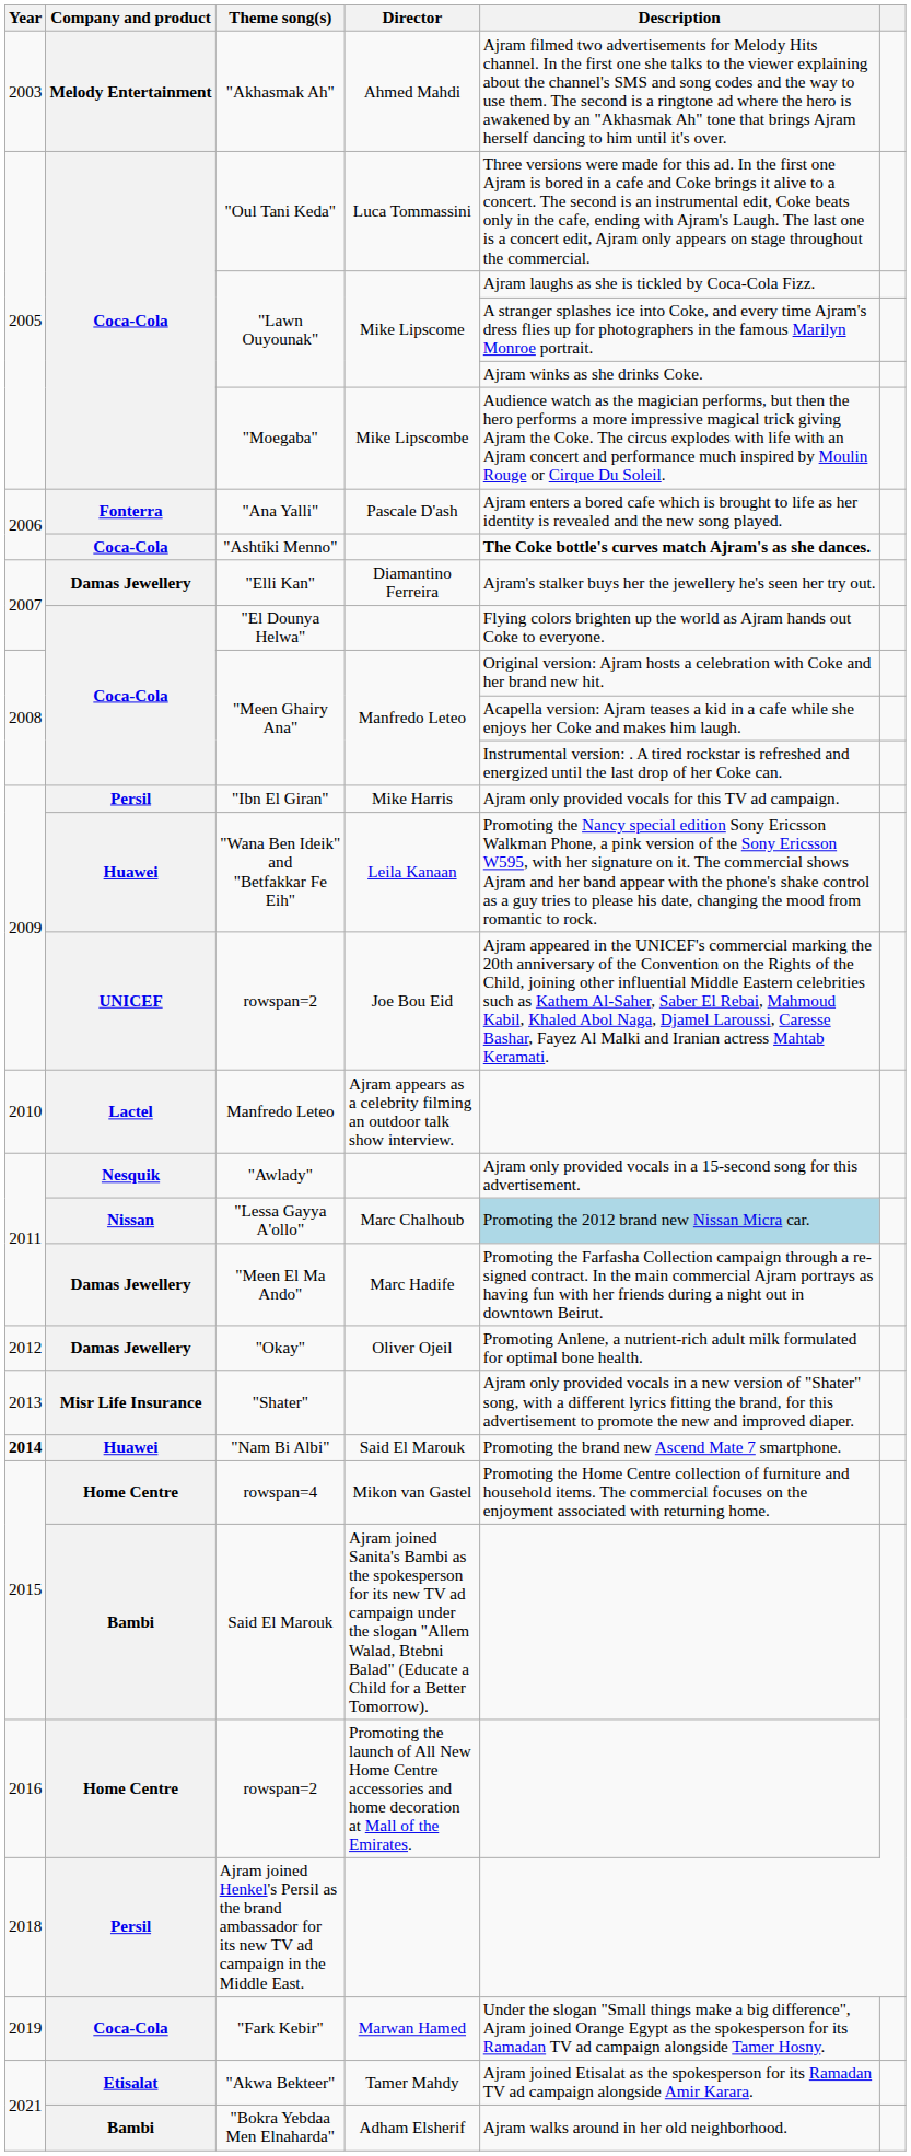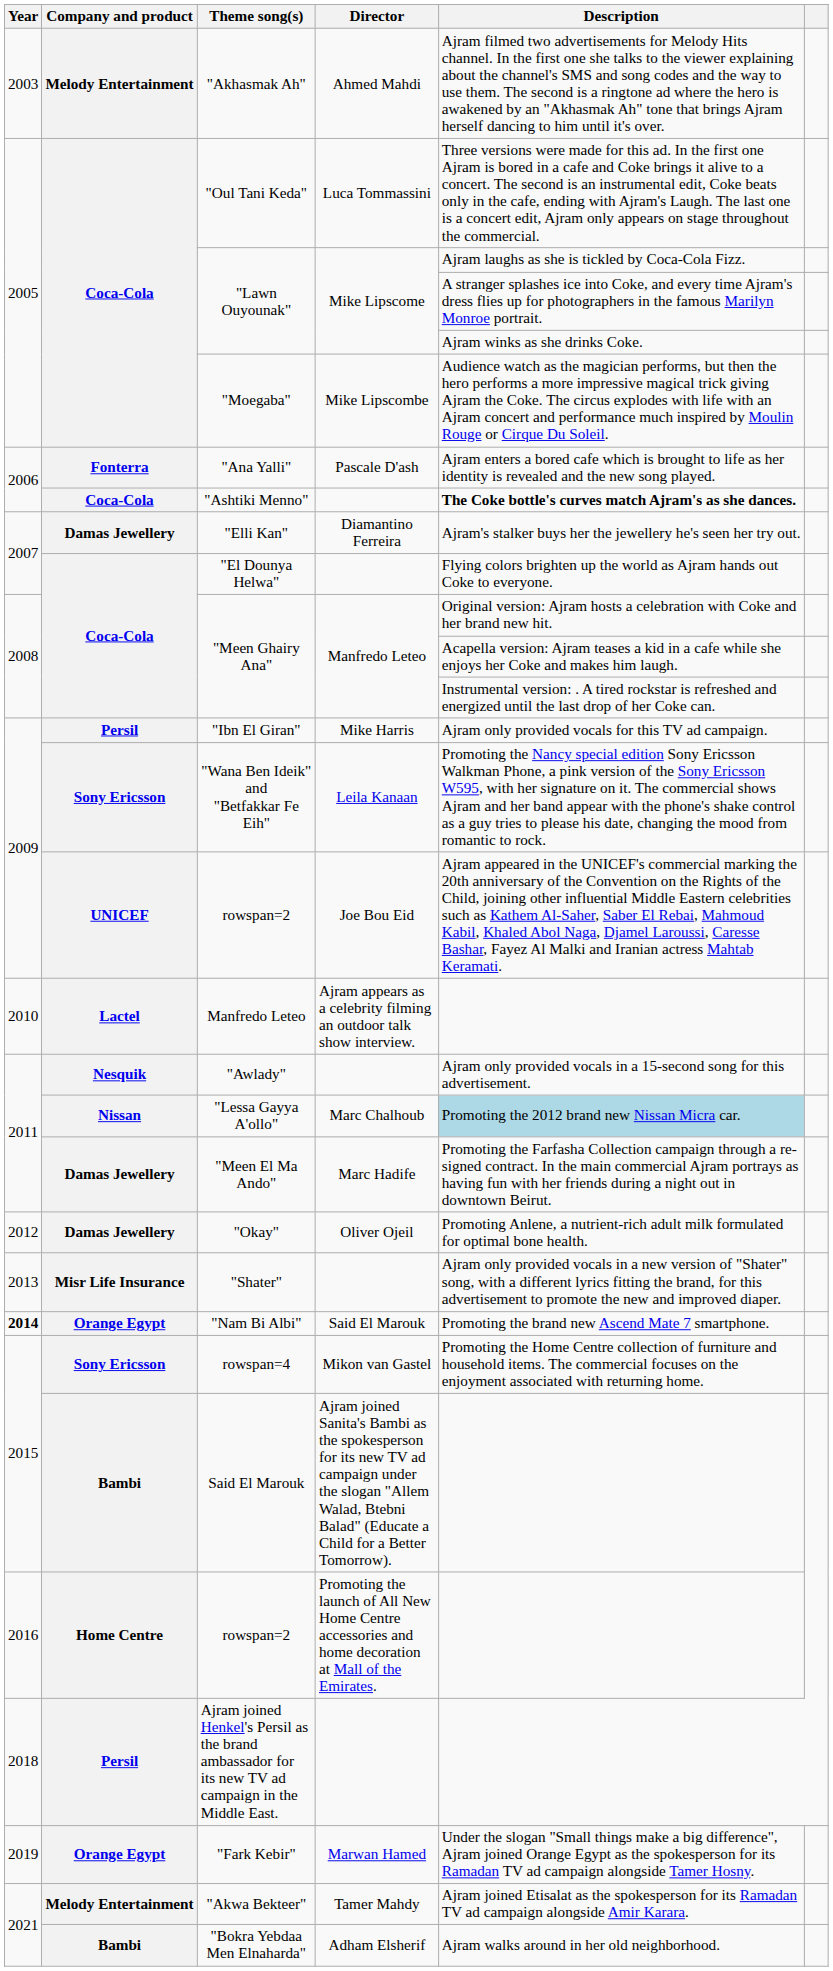 <table class="wikitable plainrowheaders" style="text-align:center;">
 <tr>
 <th scope="col" style="width:5px;;">Year</th>
 <th scope="col" style="width:200px;">Company and product</th>
 <th scope="col" style="width:150px;">Theme song(s)</th>
 <th scope="col" style="width:150px;">Director</th>
 <th scope="col" style="width:600px;">Description</th>
 <th scope="col" style="width: 2em;"></th>
 </tr>
 <tr>
 <td>2003</td>
 <th scope="row" style="text-align:center;">Melody Entertainment</th>
 <td>"Akhasmak Ah"</td>
 <td>Ahmed Mahdi</td>
 <td style="text-align:left;">Ajram filmed two advertisements for Melody Hits channel. In the first one she talks to the viewer explaining about the channel's SMS and song codes and the way to use them. The second is a ringtone ad where the hero is awakened by an "Akhasmak Ah" tone that brings Ajram herself dancing to him until it's over.</td>
 <td></td>
 </tr>
 <tr>
 <td rowspan=5>2005</td>
 <th scope="row" rowspan=5 style="text-align:center;"><a href='#'>Coca-Cola</a></th>
 <td>"Oul Tani Keda"</td>
 <td>Luca Tommassini</td>
 <td style="text-align:left;">Three versions were made for this ad. In the first one Ajram is bored in a cafe and Coke brings it alive to a concert. The second is an instrumental edit, Coke beats only in the cafe, ending with Ajram's Laugh. The last one is a concert edit, Ajram only appears on stage throughout the commercial.</td>
 <td><br><br></td>
 </tr>
 <tr>
 <td rowspan=3>"Lawn Ouyounak" </td>
 <td rowspan=3>Mike Lipscome</td>
 <td style="text-align:left;">Ajram laughs as she is tickled by Coca-Cola Fizz.</td>
 <td></td>
 </tr>
 <tr>
 <td style="text-align:left;">A stranger splashes ice into Coke, and every time Ajram's dress flies up for photographers in the famous <a href='#'>Marilyn Monroe</a> portrait.</td>
 <td></td>
 </tr>
 <tr>
 <td style="text-align:left;">Ajram winks as she drinks Coke.</td>
 <td></td>
 </tr>
 <tr>
 <td>"Moegaba"</td>
 <td>Mike Lipscombe</td>
 <td style="text-align:left;">Audience watch as the magician performs, but then the hero performs a more impressive magical trick giving Ajram the Coke. The circus explodes with life with an Ajram concert and performance much inspired by <a href='#'>Moulin Rouge</a> or <a href='#'>Cirque Du Soleil</a>.</td>
 <td></td>
 </tr>
 <tr>
 <td rowspan=2>2006</td>
 <th scope="row" style="text-align:center;"><a href='#'>Fonterra</a></th>
 <td>"Ana Yalli"</td>
 <td>Pascale D'ash</td>
 <td style="text-align:left;">Ajram enters a bored cafe which is brought to life as her identity is revealed and the new song played.</td>
 <td></td>
 </tr>
 <tr>
 <th scope="row" style="text-align:center;"><a href='#'>Coca-Cola</a></th>
 <td>"Ashtiki Menno"</td>
 <td></td>
 <td style="text-align:left;"><strong>The Coke bottle's curves match Ajram's as she dances.</strong></td>
 <td></td>
 </tr>
 <tr>
 <td rowspan=2>2007</td>
 <th scope="row" style="text-align:center;">Damas Jewellery<br></th>
 <td>"Elli Kan"</td>
 <td>Diamantino Ferreira</td>
 <td style="text-align:left;">Ajram's stalker buys her the jewellery he's seen her try out.</td>
 <td></td>
 </tr>
 <tr>
 <th scope="row" rowspan=4 style="text-align:center;"><a href='#'>Coca-Cola</a></th>
 <td>"El Dounya Helwa"</td>
 <td></td>
 <td style="text-align:left;">Flying colors brighten up the world as Ajram hands out Coke to everyone.</td>
 <td></td>
 </tr>
 <tr>
 <td rowspan=3>2008</td>
 <td rowspan=3>"Meen Ghairy Ana"</td>
 <td rowspan=3>Manfredo Leteo</td>
 <td style="text-align:left;">Original version: Ajram hosts a celebration with Coke and her brand new hit.</td>
 <td></td>
 </tr>
 <tr>
 <td style="text-align:left;">Acapella version: Ajram teases a kid in a cafe while she enjoys her Coke and makes him laugh.</td>
 <td></td>
 </tr>
 <tr>
 <td style="text-align:left;">Instrumental version: . A tired rockstar is refreshed and energized until the last drop of her Coke can.</td>
 <td></td>
 </tr>
 <tr>
 <td rowspan=3>2009</td>
 <th scope="row" style="text-align:center;"><a href='#'>Persil</a></th>
 <td>"Ibn El Giran"</td>
 <td>Mike Harris</td>
 <td style="text-align:left;">Ajram only provided vocals for this TV ad campaign.</td>
 <td></td>
 </tr>
 <tr>
-<th scope="row" style="text-align:center;"><a href='#'>Huawei</a></th>
+<th scope="row" style="text-align:center;"><a href='#'>Sony Ericsson</a></th>
 <td>"Wana Ben Ideik"<br>and<br>"Betfakkar Fe Eih"</td>
 <td><a href='#'>Leila Kanaan</a></td>
 <td style="text-align:left;">Promoting the <a href='#'>Nancy special edition</a> Sony Ericsson Walkman Phone, a pink version of the <a href='#'>Sony Ericsson W595</a>, with her signature on it. The commercial shows Ajram and her band appear with the phone's shake control as a guy tries to please his date, changing the mood from romantic to rock.</td>
 <td></td>
 </tr>
 <tr>
 <th scope="row" style="text-align:center;"><a href='#'>UNICEF</a></th>
 <td>rowspan=2 </td>
 <td>Joe Bou Eid</td>
 <td style="text-align:left;">Ajram appeared in the UNICEF's commercial marking the 20th anniversary of the Convention on the Rights of the Child, joining other influential Middle Eastern celebrities such as <a href='#'>Kathem Al-Saher</a>, <a href='#'>Saber El Rebai</a>, <a href='#'>Mahmoud Kabil</a>, <a href='#'>Khaled Abol Naga</a>, <a href='#'>Djamel Laroussi</a>, <a href='#'>Caresse Bashar</a>, Fayez Al Malki and Iranian actress <a href='#'>Mahtab Keramati</a>.</td>
 <td></td>
 </tr>
 <tr>
 <td>2010</td>
 <th scope="row" style="text-align:center;"><a href='#'>Lactel</a></th>
 <td>Manfredo Leteo</td>
 <td style="text-align:left;">Ajram appears as a celebrity filming an outdoor talk show interview.</td>
 <td></td>
 </tr>
 <tr>
 <td rowspan=3>2011</td>
 <th scope="row" style="text-align:center;"><a href='#'>Nesquik</a></th>
 <td>"Awlady"</td>
 <td></td>
 <td style="text-align:left;">Ajram only provided vocals in a 15-second song for this advertisement.</td>
 <td></td>
 </tr>
 <tr>
 <th scope="row" style="text-align:center;"><a href='#'>Nissan</a></th>
 <td>"Lessa Gayya A'ollo"</td>
 <td>Marc Chalhoub</td>
 <td style="background: lightblue; text-align:left;">Promoting the 2012 brand new <a href='#'>Nissan Micra</a> car.</td>
 <td></td>
 </tr>
 <tr>
 <th scope="row" style="text-align:center;">Damas Jewellery<br></th>
 <td>"Meen El Ma Ando"</td>
 <td>Marc Hadife</td>
 <td style="text-align:left;">Promoting the Farfasha Collection campaign through a re-signed contract. In the main commercial Ajram portrays as having fun with her friends during a night out in downtown Beirut.</td>
 <td></td>
 </tr>
 <tr>
 <td>2012</td>
 <th scope="row" style="text-align:center;">Damas Jewellery<br></th>
 <td>"Okay"</td>
 <td>Oliver Ojeil</td>
 <td style="text-align:left;">Promoting Anlene, a nutrient-rich adult milk formulated for optimal bone health.</td>
 <td></td>
 </tr>
 <tr>
 <td>2013</td>
 <th scope="row" style="text-align:center;">Misr Life Insurance</th>
 <td>"Shater" </td>
 <td></td>
 <td style="text-align:left;">Ajram only provided vocals in a new version of "Shater" song, with a different lyrics fitting the brand, for this advertisement to promote the new and improved diaper.</td>
 <td></td>
 </tr>
 <tr>
 <td><strong>2014</strong></td>
-<th scope="row" style="text-align:center;"><a href='#'>Huawei</a></th>
+<th scope="row" style="text-align:center;"><a href='#'>Orange Egypt</a></th>
 <td>"Nam Bi Albi"</td>
 <td>Said El Marouk</td>
 <td style="text-align:left;">Promoting the brand new <a href='#'>Ascend Mate 7</a> smartphone.</td>
 <td></td>
 </tr>
 <tr>
 <td rowspan=2>2015</td>
-<th scope="row" style="text-align:center;">Home Centre</th>
+<th scope="row" style="text-align:center;"><a href='#'>Sony Ericsson</a></th>
 <td>rowspan=4 </td>
 <td>Mikon van Gastel</td>
 <td style="text-align:left;">Promoting the Home Centre collection of furniture and household items. The commercial focuses on the enjoyment associated with returning home.</td>
 <td></td>
 </tr>
 <tr>
 <th scope="row" style="text-align:center;">Bambi </th>
 <td>Said El Marouk</td>
 <td style="text-align:left;">Ajram joined Sanita's Bambi as the spokesperson for its new TV ad campaign under the slogan "Allem Walad, Btebni Balad" (Educate a Child for a Better Tomorrow).</td>
 <td></td>
 </tr>
 <tr>
 <td>2016</td>
 <th scope="row" style="text-align:center;">Home Centre</th>
 <td>rowspan=2 </td>
 <td style="text-align:left;">Promoting the launch of All New Home Centre accessories and home decoration at <a href='#'>Mall of the Emirates</a>.</td>
 <td></td>
 </tr>
 <tr>
 <td>2018</td>
 <th scope="row" style="text-align:center;"><a href='#'>Persil</a></th>
 <td style="text-align:left;">Ajram joined <a href='#'>Henkel</a>'s Persil as the brand ambassador for its new TV ad campaign in the Middle East.</td>
 <td></td>
 </tr>
 <tr>
 <td>2019</td>
-<th scope="row" style="text-align:center;"><a href='#'>Coca-Cola</a></th>
+<th scope="row" style="text-align:center;"><a href='#'>Orange Egypt</a></th>
 <td>"Fark Kebir"</td>
 <td><a href='#'>Marwan Hamed</a></td>
 <td style="text-align:left;">Under the slogan "Small things make a big difference", Ajram joined Orange Egypt as the spokesperson for its <a href='#'>Ramadan</a> TV ad campaign alongside <a href='#'>Tamer Hosny</a>.</td>
 <td></td>
 </tr>
 <tr>
 <td rowspan=2>2021</td>
-<th scope="row" style="text-align:center;"><a href='#'>Etisalat</a></th>
+<th scope="row" style="text-align:center;">Melody Entertainment</th>
 <td>"Akwa Bekteer"</td>
 <td>Tamer Mahdy</td>
 <td style="text-align:left;">Ajram joined Etisalat as the spokesperson for its <a href='#'>Ramadan</a> TV ad campaign alongside <a href='#'>Amir Karara</a>.</td>
 <td></td>
 </tr>
 <tr>
 <th scope="row" style="text-align:center;">Bambi </th>
 <td>"Bokra Yebdaa Men Elnaharda"</td>
 <td>Adham Elsherif</td>
 <td style="text-align:left;">Ajram walks around in her old neighborhood.</td>
 <td></td>
 </tr>
 </table>
